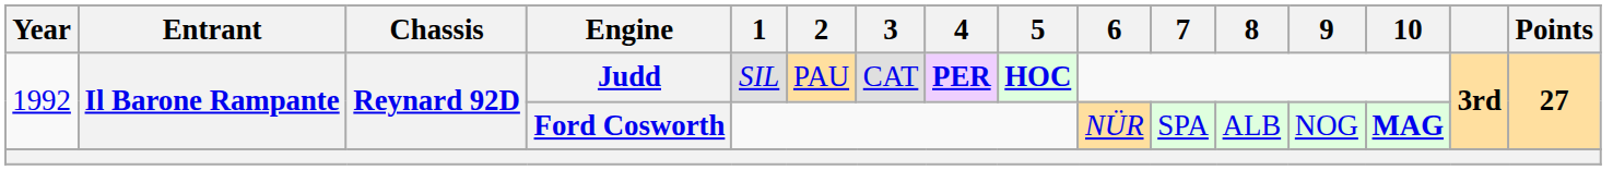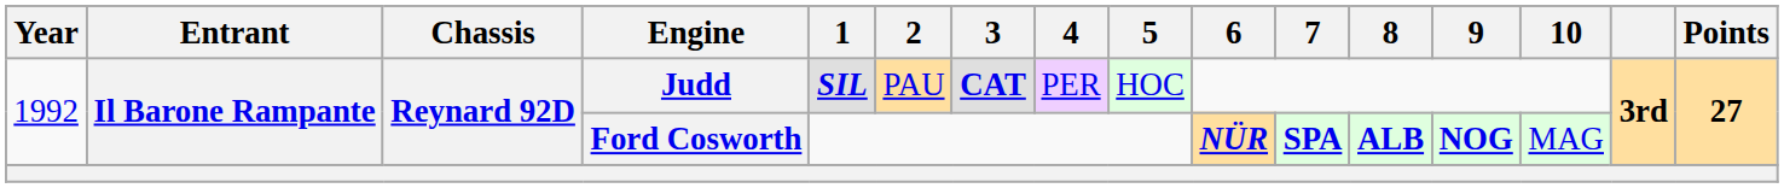 <table class="wikitable" style="text-align:center; font-size:85%">
 <tr>
 <th>Year</th>
 <th>Entrant</th>
 <th>Chassis</th>
 <th>Engine</th>
 <th>1</th>
 <th>2</th>
 <th>3</th>
 <th>4</th>
 <th>5</th>
 <th>6</th>
 <th>7</th>
 <th>8</th>
 <th>9</th>
 <th>10</th>
 <th></th>
 <th>Points</th>
 </tr>
 <tr>
 <td rowspan=2><a href='#'>1992</a></td>
 <th rowspan=2 nowrap><a href='#'>Il Barone Rampante</a></th>
 <th rowspan=2 nowrap><a href='#'>Reynard 92D</a></th>
 <th nowrap><a href='#'>Judd</a></th>
-<td style="background:#DFDFDF;"><em><a href='#'>SIL</a></em><br></td>
+<td style="background:#DFDFDF;"><strong><em><a href='#'>SIL</a></em><br></strong></td>
 <td style="background:#ffdf9f;"><a href='#'>PAU</a><br></td>
-<td style="background:#DFDFDF;"><a href='#'>CAT</a><br></td>
-<td style="background:#efcfff;"><strong><a href='#'>PER</a><br></strong></td>
-<td style="background:#dfffdf;"><strong><a href='#'>HOC</a><br></strong></td>
+<td style="background:#DFDFDF;"><strong><a href='#'>CAT</a><br></strong></td>
+<td style="background:#efcfff;"><a href='#'>PER</a><br></td>
+<td style="background:#dfffdf;"><a href='#'>HOC</a><br></td>
 <td colspan=5></td>
 <th rowspan=2 style="background:#ffdf9f;">3rd</th>
 <th rowspan=2 style="background:#ffdf9f;">27</th>
 </tr>
 <tr>
 <th nowrap><a href='#'>Ford Cosworth</a></th>
 <td colspan=5></td>
-<td style="background:#ffdf9f;"><em><a href='#'>NÜR</a></em><br></td>
-<td style="background:#dfffdf;"><a href='#'>SPA</a><br></td>
-<td style="background:#dfffdf;"><a href='#'>ALB</a><br></td>
-<td style="background:#dfffdf;"><a href='#'>NOG</a><br></td>
-<td style="background:#dfffdf;"><strong><a href='#'>MAG</a><br></strong></td>
+<td style="background:#ffdf9f;"><strong><em><a href='#'>NÜR</a></em><br></strong></td>
+<td style="background:#dfffdf;"><strong><a href='#'>SPA</a><br></strong></td>
+<td style="background:#dfffdf;"><strong><a href='#'>ALB</a><br></strong></td>
+<td style="background:#dfffdf;"><strong><a href='#'>NOG</a><br></strong></td>
+<td style="background:#dfffdf;"><a href='#'>MAG</a><br></td>
 </tr>
 <tr>
 <th colspan="16"></th>
 </tr>
 </table>
